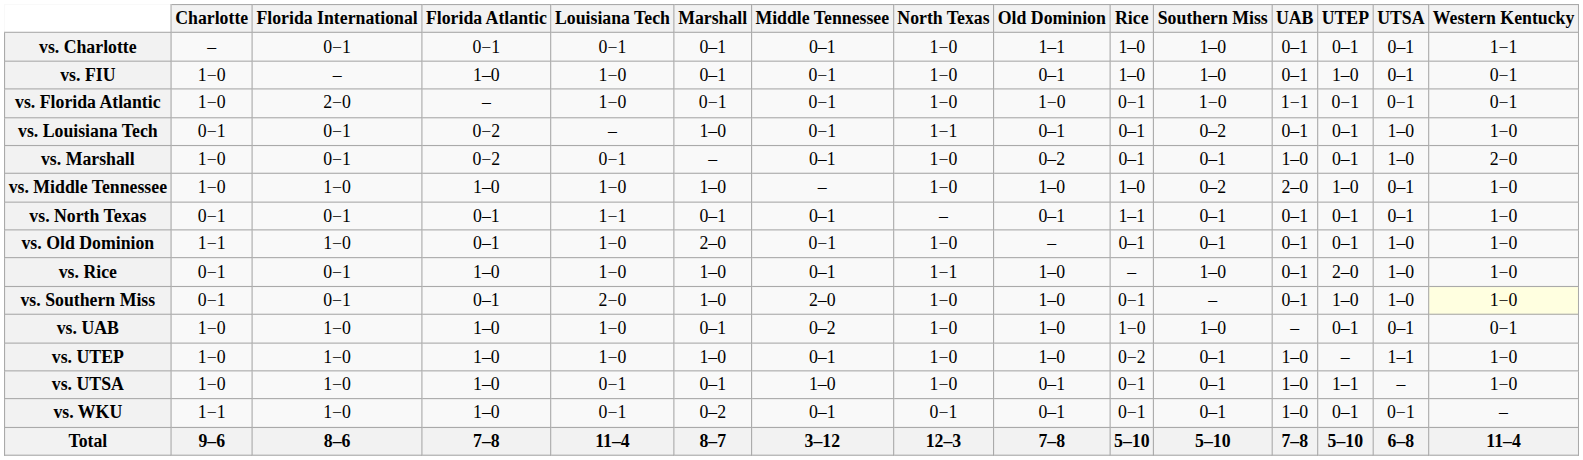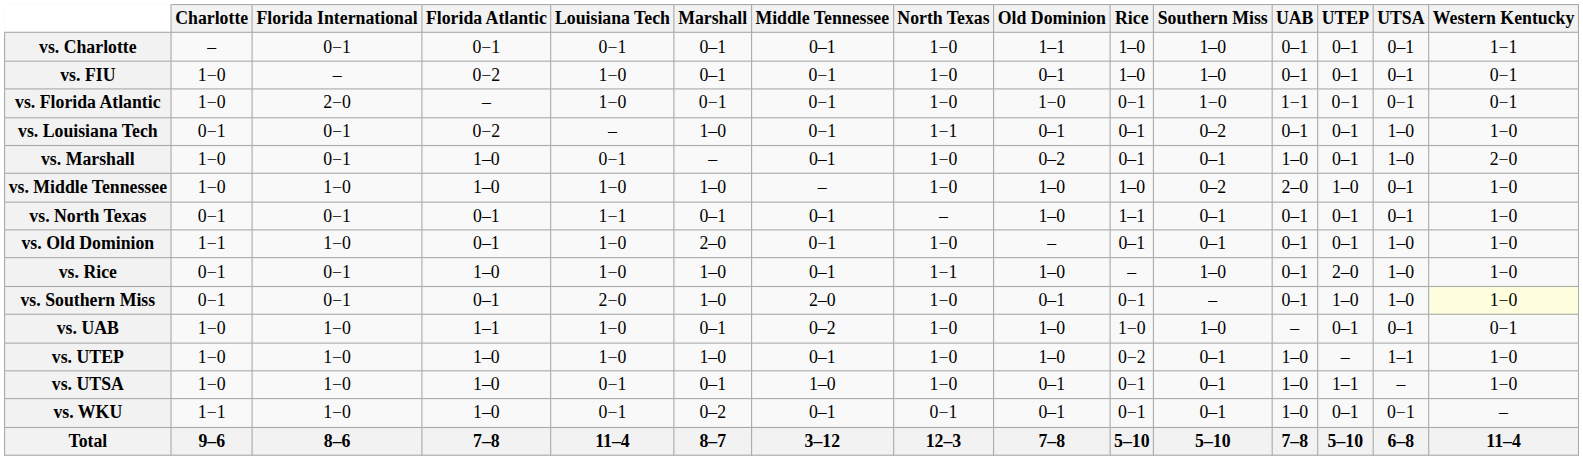 <table class="wikitable" style="white-space:nowrap; font-size:100%;">
 <tr>
 <td style="background:white; border-top-style:hidden; border-left-style:hidden;"></td>
 <th>Charlotte</th>
 <th>Florida International</th>
 <th>Florida Atlantic</th>
 <th>Louisiana Tech</th>
 <th>Marshall</th>
 <th>Middle Tennessee</th>
 <th>North Texas</th>
 <th>Old Dominion</th>
 <th>Rice</th>
 <th>Southern Miss</th>
 <th>UAB</th>
 <th>UTEP</th>
 <th>UTSA</th>
 <th>Western Kentucky</th>
 </tr>
 <tr style="text-align:center;">
 <th>vs. Charlotte</th>
 <td>–</td>
 <td>0−1</td>
 <td>0−1</td>
 <td>0−1</td>
 <td>0–1</td>
 <td>0–1</td>
 <td>1−0</td>
 <td>1–1</td>
 <td>1–0</td>
 <td>1–0</td>
 <td>0–1</td>
 <td>0–1</td>
 <td>0–1</td>
 <td>1−1</td>
 </tr>
 <tr style="text-align:center;">
 <th>vs. FIU</th>
 <td>1−0</td>
 <td>–</td>
-<td>1–0</td>
+<td>0−2</td>
 <td>1−0</td>
 <td>0–1</td>
 <td>0−1</td>
 <td>1−0</td>
 <td>0–1</td>
 <td>1–0</td>
 <td>1–0</td>
 <td>0–1</td>
-<td>1–0</td>
+<td>0–1</td>
 <td>0–1</td>
 <td>0−1</td>
 </tr>
 <tr style="text-align:center;">
 <th>vs. Florida Atlantic</th>
 <td>1−0</td>
 <td>2−0</td>
 <td>–</td>
 <td>1−0</td>
 <td>0−1</td>
 <td>0−1</td>
 <td>1−0</td>
 <td>1−0</td>
 <td>0−1</td>
 <td>1−0</td>
 <td>1−1</td>
 <td>0−1</td>
 <td>0−1</td>
 <td>0−1</td>
 </tr>
 <tr style="text-align:center;">
 <th>vs. Louisiana Tech</th>
 <td>0−1</td>
 <td>0−1</td>
 <td>0−2</td>
 <td>–</td>
 <td>1–0</td>
 <td>0−1</td>
 <td>1−1</td>
 <td>0–1</td>
 <td>0–1</td>
 <td>0–2</td>
 <td>0–1</td>
 <td>0–1</td>
 <td>1–0</td>
 <td>1−0</td>
 </tr>
 <tr style="text-align:center;">
 <th>vs. Marshall</th>
 <td>1−0</td>
 <td>0−1</td>
-<td>0−2</td>
+<td>1–0</td>
 <td>0−1</td>
 <td>–</td>
 <td>0–1</td>
 <td>1−0</td>
 <td>0–2</td>
 <td>0–1</td>
 <td>0–1</td>
 <td>1–0</td>
 <td>0–1</td>
 <td>1–0</td>
 <td>2−0</td>
 </tr>
 <tr style="text-align:center;">
 <th>vs. Middle Tennessee</th>
 <td>1−0</td>
 <td>1−0</td>
 <td>1–0</td>
 <td>1−0</td>
 <td>1–0</td>
 <td>–</td>
 <td>1−0</td>
 <td>1–0</td>
 <td>1–0</td>
 <td>0–2</td>
 <td>2–0</td>
 <td>1–0</td>
 <td>0–1</td>
 <td>1−0</td>
 </tr>
 <tr style="text-align:center;">
 <th>vs. North Texas</th>
 <td>0−1</td>
 <td>0−1</td>
 <td>0–1</td>
 <td>1−1</td>
 <td>0–1</td>
 <td>0–1</td>
 <td>–</td>
-<td>0–1</td>
+<td>1–0</td>
 <td>1–1</td>
 <td>0–1</td>
 <td>0–1</td>
 <td>0–1</td>
 <td>0–1</td>
 <td>1−0</td>
 </tr>
 <tr style="text-align:center;">
 <th>vs. Old Dominion</th>
 <td>1−1</td>
 <td>1−0</td>
 <td>0–1</td>
 <td>1−0</td>
 <td>2–0</td>
 <td>0−1</td>
 <td>1−0</td>
 <td>–</td>
 <td>0–1</td>
 <td>0–1</td>
 <td>0–1</td>
 <td>0–1</td>
 <td>1–0</td>
 <td>1−0</td>
 </tr>
 <tr style="text-align:center;">
 <th>vs. Rice</th>
 <td>0−1</td>
 <td>0−1</td>
 <td>1–0</td>
 <td>1−0</td>
 <td>1–0</td>
 <td>0–1</td>
 <td>1−1</td>
 <td>1–0</td>
 <td>–</td>
 <td>1–0</td>
 <td>0–1</td>
 <td>2–0</td>
 <td>1–0</td>
 <td>1−0</td>
 </tr>
 <tr style="text-align:center;">
 <th>vs. Southern Miss</th>
 <td>0−1</td>
 <td>0−1</td>
 <td>0–1</td>
 <td>2−0</td>
 <td>1–0</td>
 <td>2–0</td>
 <td>1−0</td>
-<td>1–0</td>
+<td>0–1</td>
 <td>0−1</td>
 <td>–</td>
 <td>0–1</td>
 <td>1–0</td>
 <td>1–0</td>
 <td style="background: lightyellow;">1−0</td>
 </tr>
 <tr style="text-align:center;">
 <th>vs. UAB</th>
 <td>1−0</td>
 <td>1−0</td>
-<td>1–0</td>
+<td>1–1</td>
 <td>1−0</td>
 <td>0–1</td>
 <td>0–2</td>
 <td>1−0</td>
 <td>1–0</td>
 <td>1−0</td>
 <td>1–0</td>
 <td>–</td>
 <td>0–1</td>
 <td>0–1</td>
 <td>0−1</td>
 </tr>
 <tr style="text-align:center;">
 <th>vs. UTEP</th>
 <td>1−0</td>
 <td>1−0</td>
 <td>1–0</td>
 <td>1−0</td>
 <td>1–0</td>
 <td>0–1</td>
 <td>1−0</td>
 <td>1–0</td>
 <td>0−2</td>
 <td>0–1</td>
 <td>1–0</td>
 <td>–</td>
 <td>1–1</td>
 <td>1−0</td>
 </tr>
 <tr style="text-align:center;">
 <th>vs. UTSA</th>
 <td>1−0</td>
 <td>1−0</td>
 <td>1–0</td>
 <td>0−1</td>
 <td>0–1</td>
 <td>1–0</td>
 <td>1−0</td>
 <td>0–1</td>
 <td>0−1</td>
 <td>0–1</td>
 <td>1–0</td>
 <td>1–1</td>
 <td>–</td>
 <td>1−0</td>
 </tr>
 <tr style="text-align:center;">
 <th>vs. WKU</th>
 <td>1−1</td>
 <td>1−0</td>
 <td>1–0</td>
 <td>0−1</td>
 <td>0–2</td>
 <td>0–1</td>
 <td>0−1</td>
 <td>0–1</td>
 <td>0−1</td>
 <td>0–1</td>
 <td>1–0</td>
 <td>0–1</td>
 <td>0−1</td>
 <td>–</td>
 </tr>
 <tr style="text-align:center;">
 <th>Total</th>
 <th>9–6</th>
 <th>8–6</th>
 <th>7–8</th>
 <th>11–4</th>
 <th>8–7</th>
 <th>3–12</th>
 <th>12–3</th>
 <th>7–8</th>
 <th>5–10</th>
 <th>5–10</th>
 <th>7–8</th>
 <th>5–10</th>
 <th>6–8</th>
 <th>11–4</th>
 </tr>
 </table>
